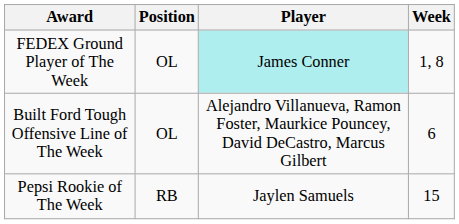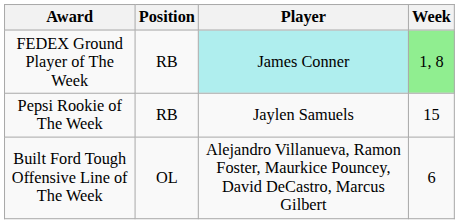 <table class="wikitable" style="width: 35%; text-align:center">
 <tr>
 <th>Award</th>
 <th>Position</th>
 <th>Player</th>
 <th>Week</th>
 </tr>
 <tr>
 <td>FEDEX Ground Player of The Week</td>
-<td>OL</td>
+<td>RB</td>
 <td style="background: paleturquoise;">James Conner</td>
-<td>1, 8</td>
+<td style="background: lightgreen;">1, 8</td>
+</tr>
+<tr>
+<td>Pepsi Rookie of The Week</td>
+<td>RB</td>
+<td>Jaylen Samuels</td>
+<td>15</td>
 </tr>
 <tr>
 <td>Built Ford Tough Offensive Line of The Week</td>
 <td>OL</td>
 <td>Alejandro Villanueva, Ramon Foster, Maurkice Pouncey, David DeCastro, Marcus Gilbert</td>
 <td>6</td>
 </tr>
-<tr>
-<td>Pepsi Rookie of The Week</td>
-<td>RB</td>
-<td>Jaylen Samuels</td>
-<td>15</td>
-</tr>
 </table>
